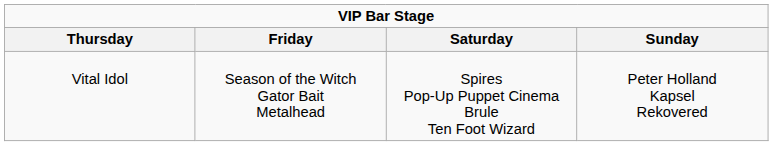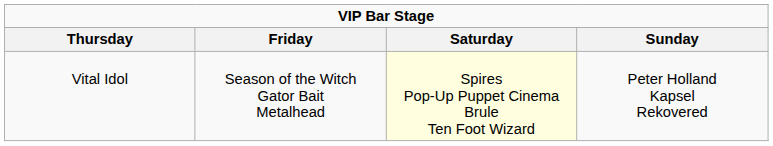 <table class="wikitable">
 <tr>
 <td colspan="4" align="center"><strong>VIP Bar Stage</strong></td>
 </tr>
 <tr>
 <th>Thursday</th>
 <th>Friday</th>
 <th>Saturday</th>
 <th>Sunday</th>
 </tr>
 <tr>
 <td align="center" valign="top" width="200"><br>Vital Idol</td>
 <td align="center" valign="top" width="200"><br>Season of the Witch<br> Gator Bait<br> Metalhead</td>
-<td align="center" valign="top" width="200"><br>Spires<br> Pop-Up Puppet Cinema<br> Brule<br> Ten Foot Wizard</td>
+<td align="center" valign="top" width="200" style="background: lightyellow;"><br>Spires<br> Pop-Up Puppet Cinema<br> Brule<br> Ten Foot Wizard</td>
 <td align="center" valign="top" width="200"><br>Peter Holland<br> Kapsel<br> Rekovered</td>
 </tr>
 </table>
